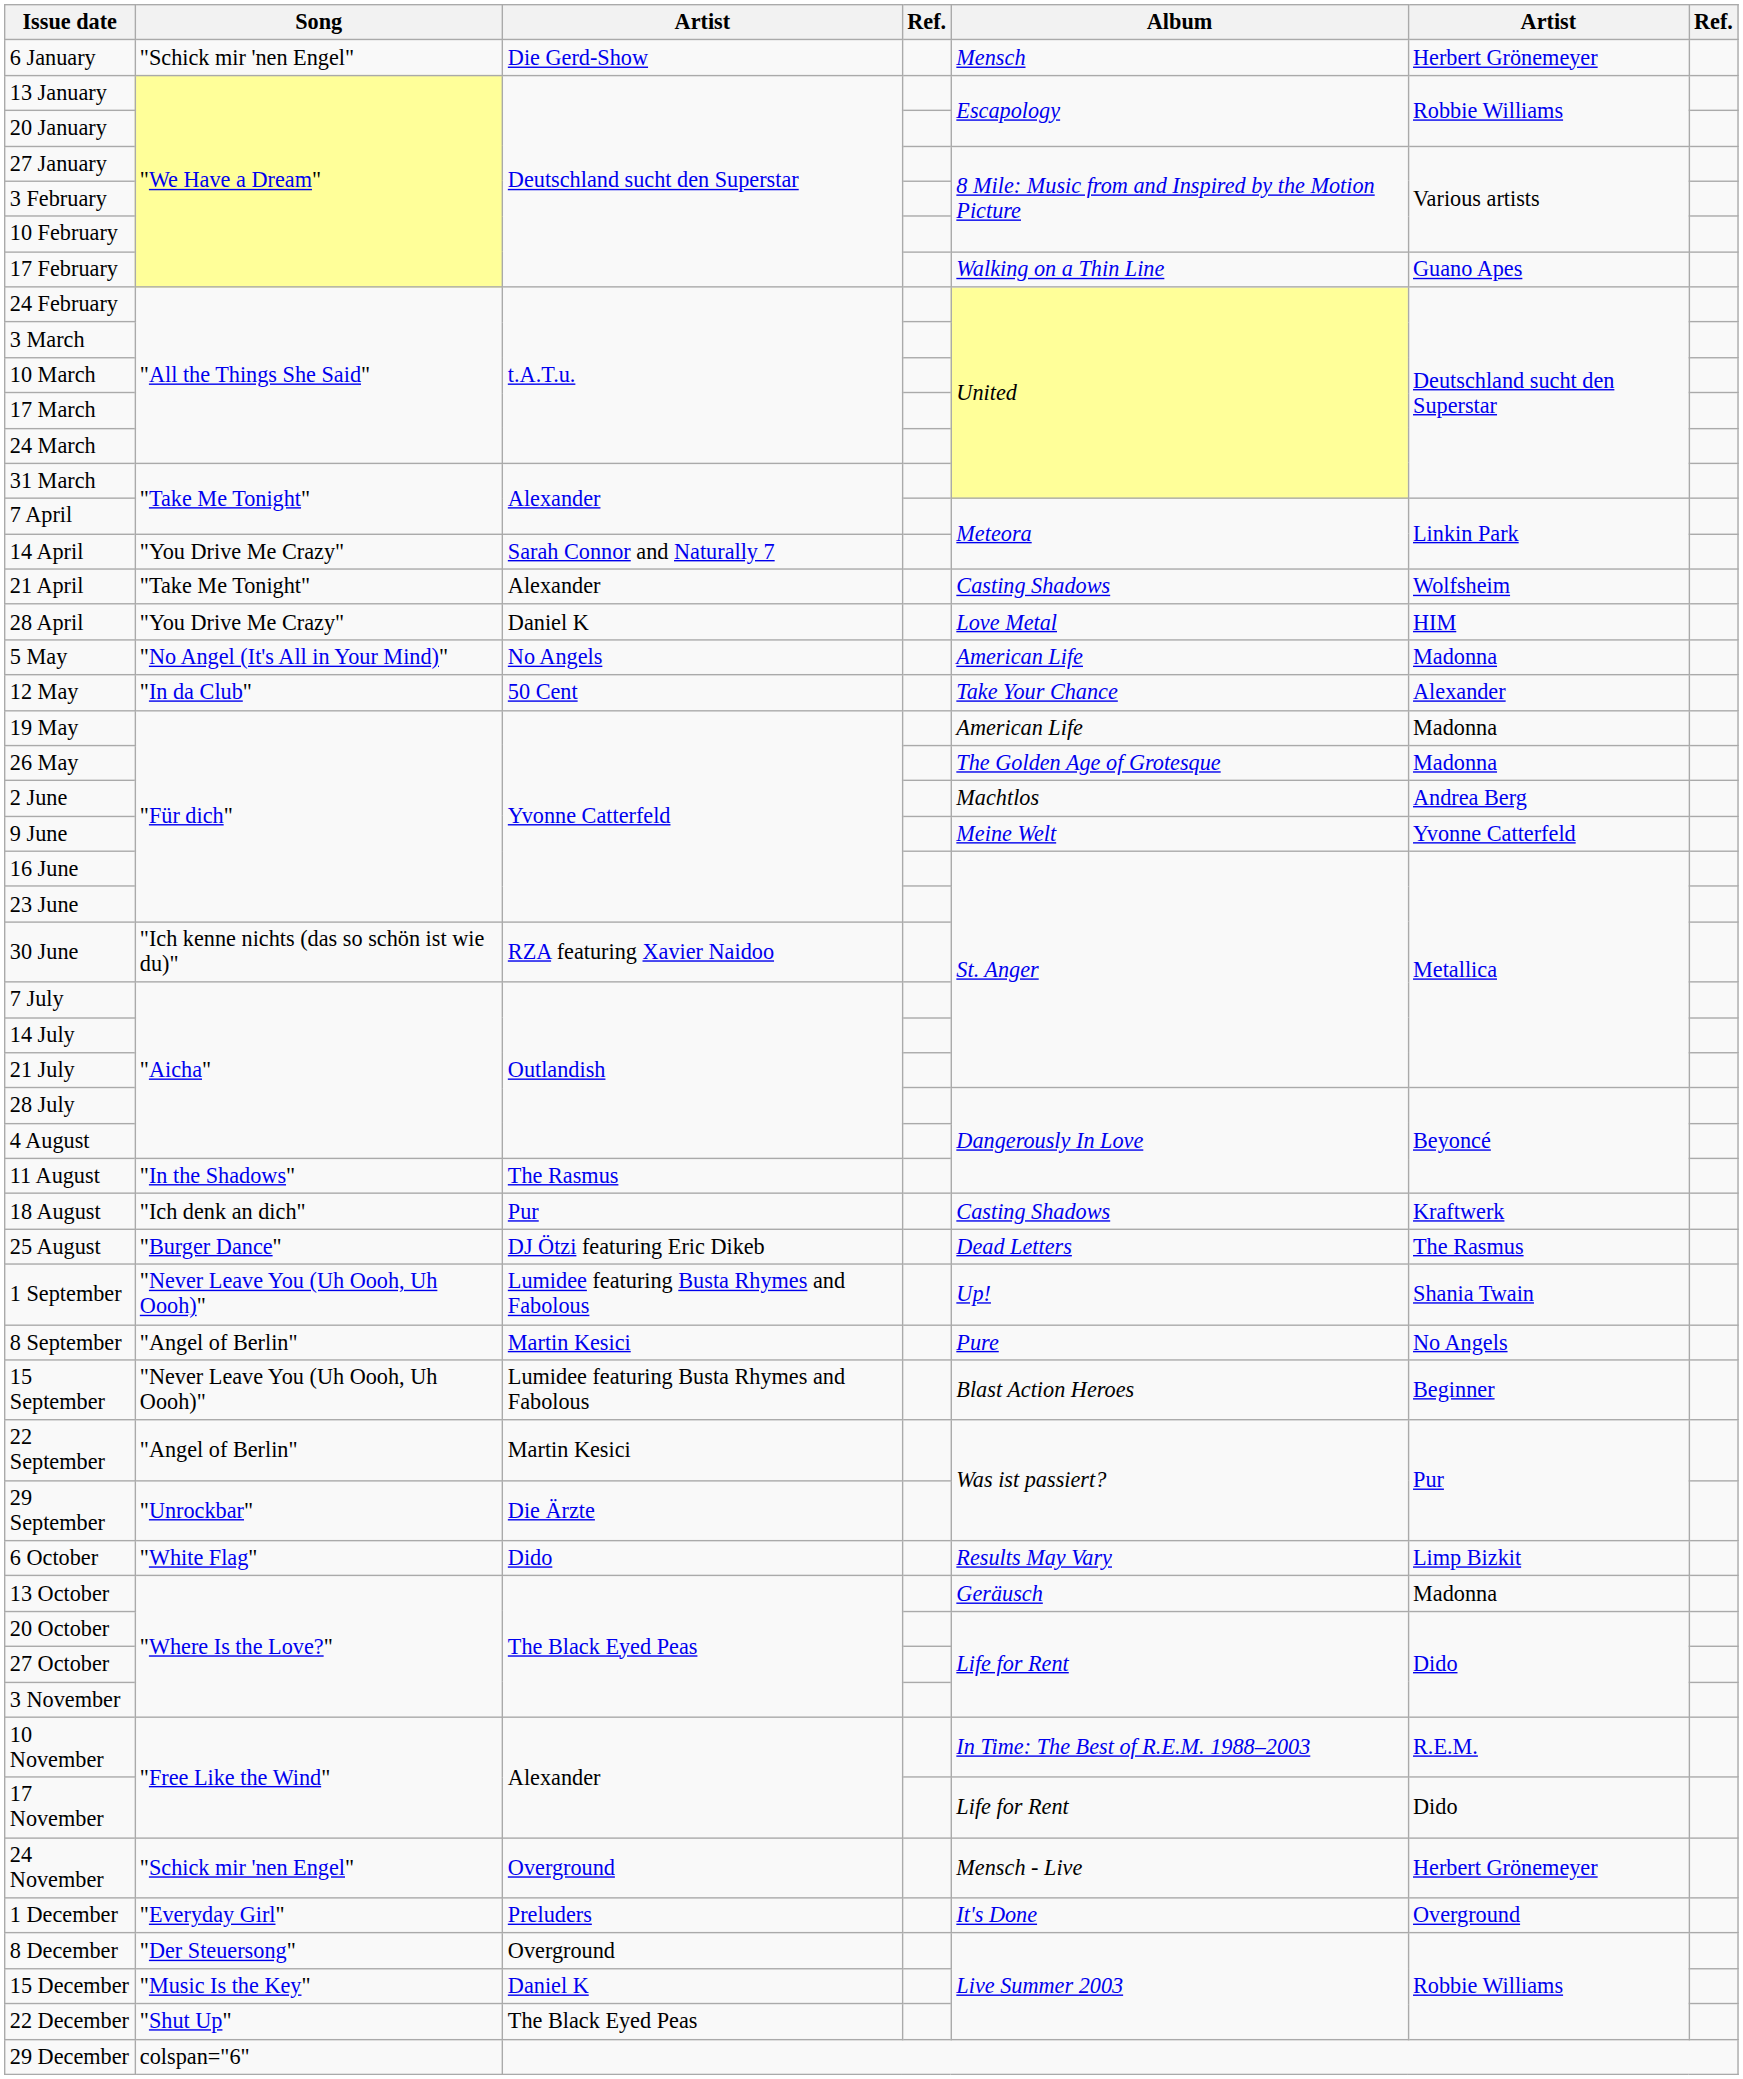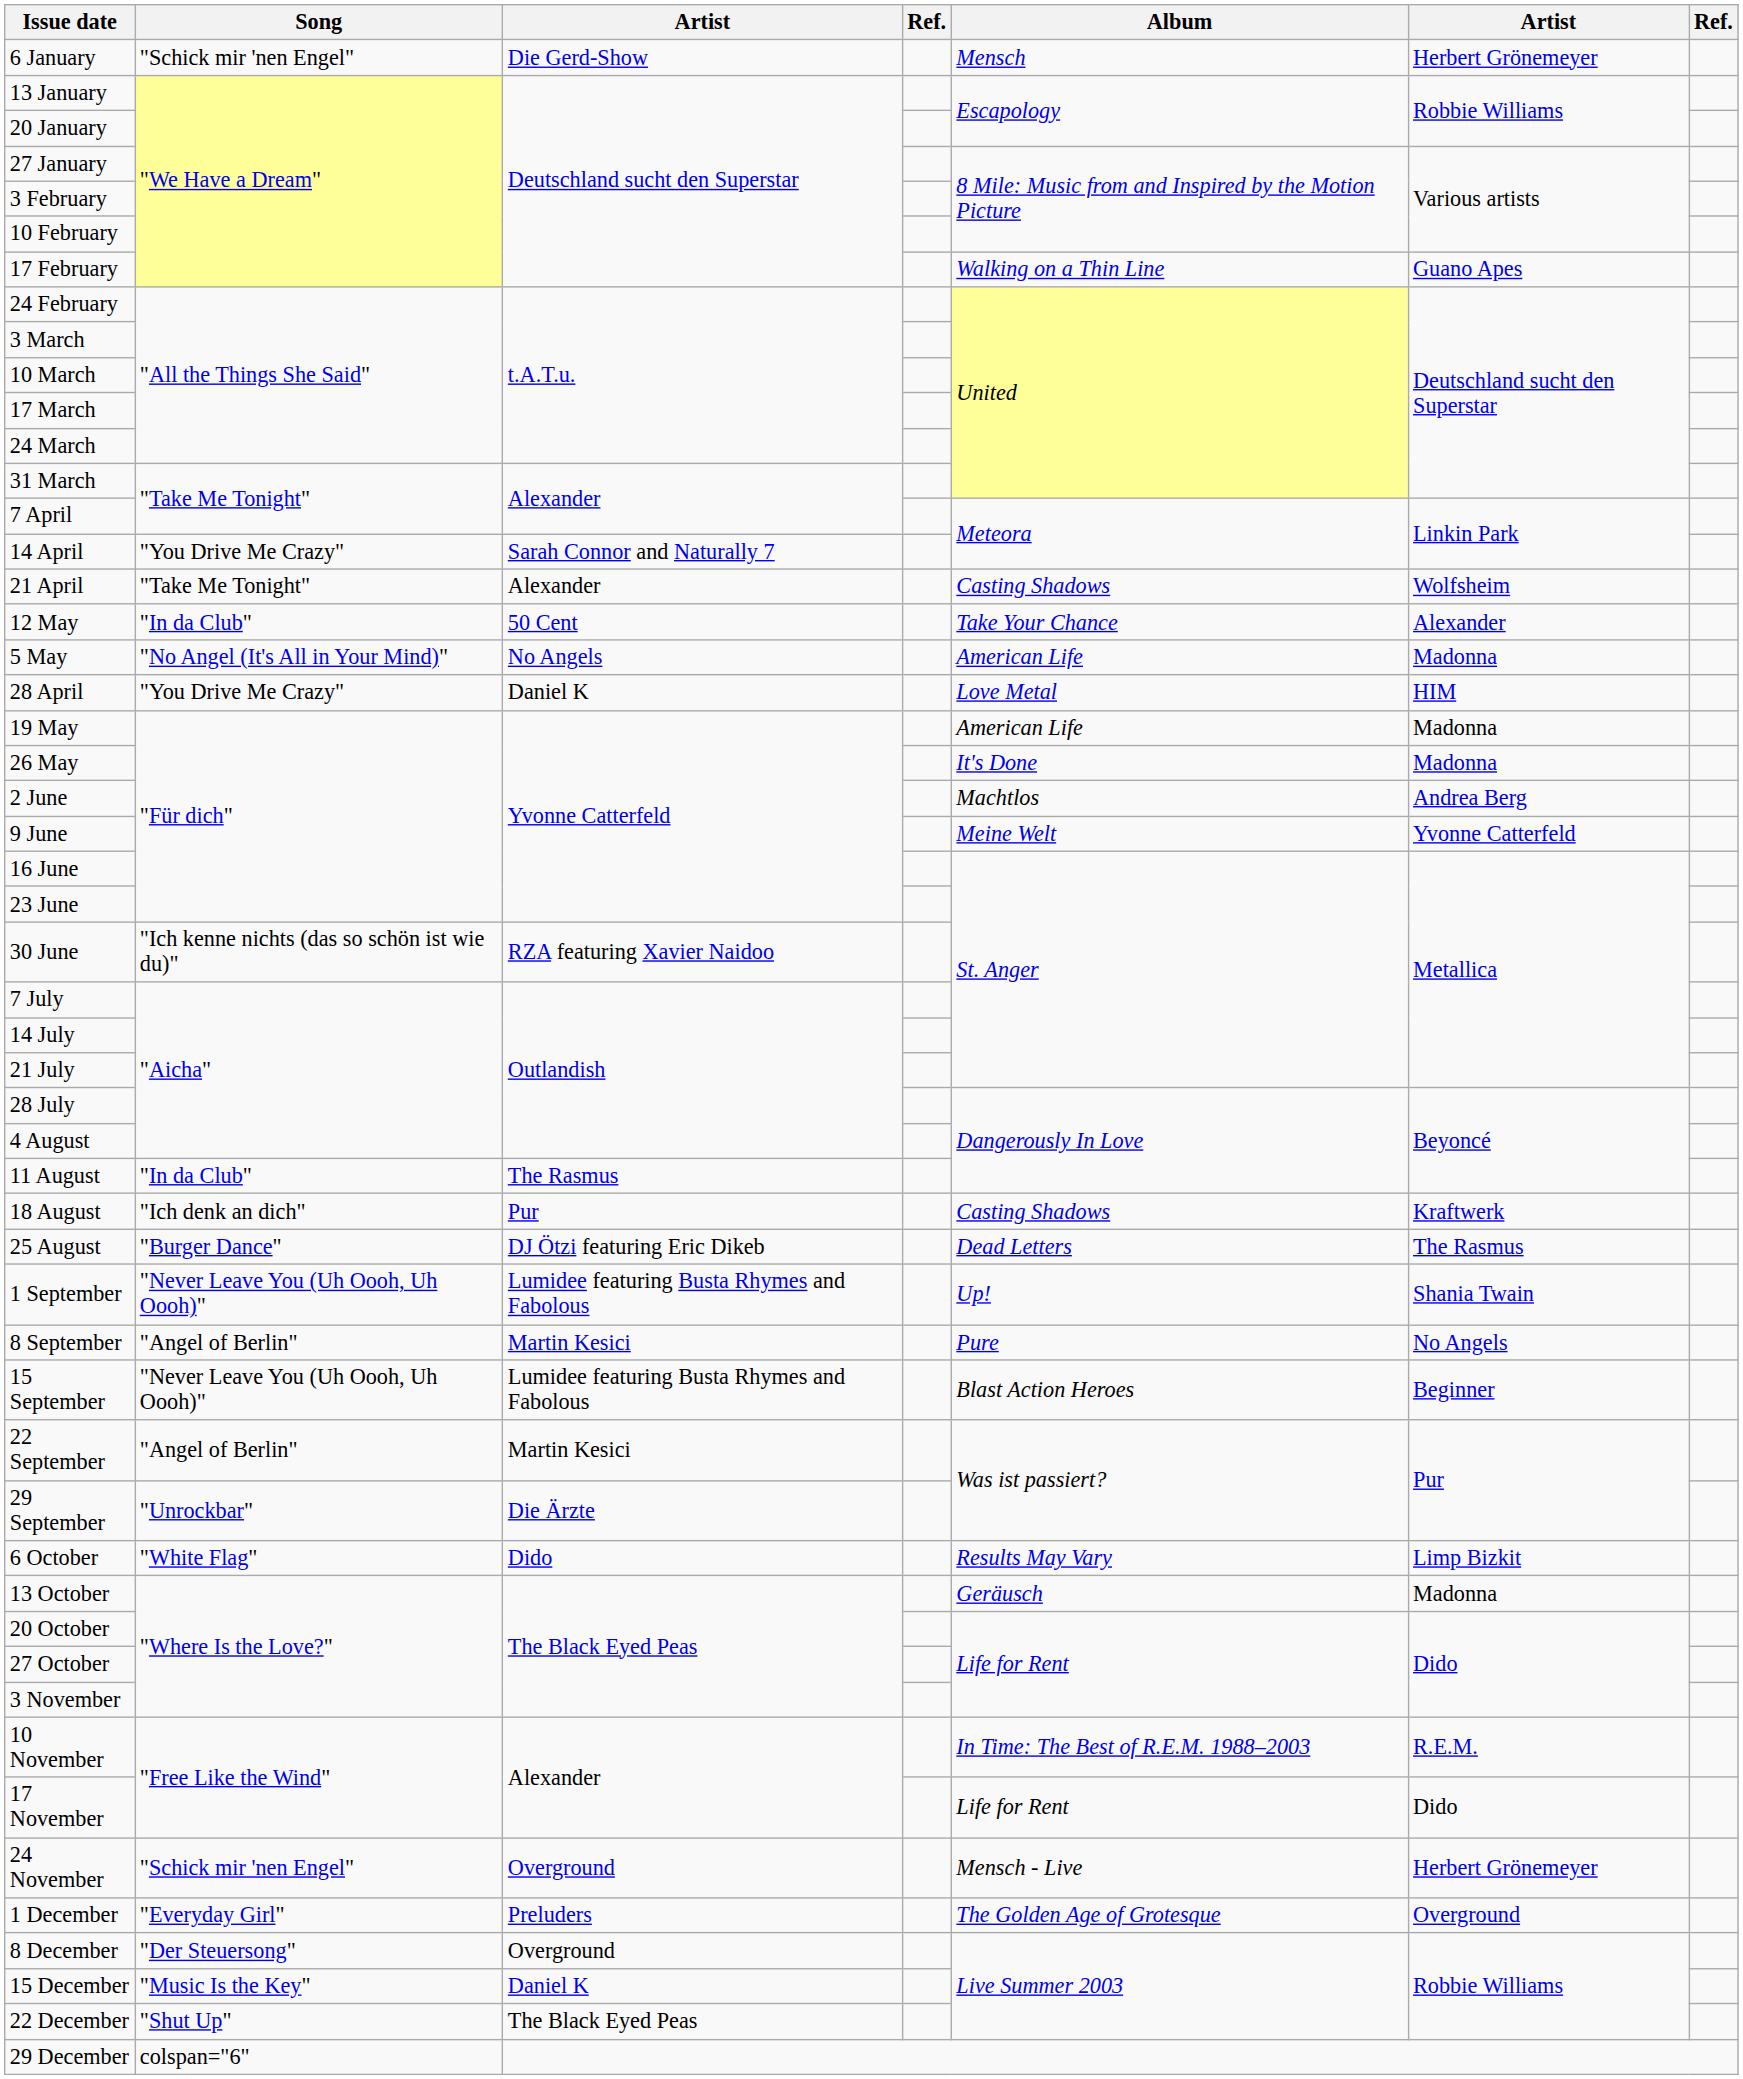 <table class="sortable wikitable">
 <tr>
 <th>Issue date</th>
 <th>Song</th>
 <th>Artist</th>
 <th>Ref.</th>
 <th>Album</th>
 <th>Artist</th>
 <th>Ref.</th>
 </tr>
 <tr>
 <td>6 January</td>
 <td>"Schick mir 'nen Engel"</td>
 <td><a href='#'>Die Gerd-Show</a></td>
 <td align="center"></td>
 <td><em><a href='#'>Mensch</a></em></td>
 <td><a href='#'>Herbert Grönemeyer</a></td>
 <td align="center"></td>
 </tr>
 <tr>
 <td>13 January</td>
 <td bgcolor=#FFFF99 rowspan="6">"<a href='#'>We Have a Dream</a>" </td>
 <td rowspan="6"><a href='#'>Deutschland sucht den Superstar</a></td>
 <td align="center"></td>
 <td rowspan="2"><em><a href='#'>Escapology</a></em></td>
 <td rowspan="2"><a href='#'>Robbie Williams</a></td>
 <td align="center"></td>
 </tr>
 <tr>
 <td>20 January</td>
 <td align="center"></td>
 <td align="center"></td>
 </tr>
 <tr>
 <td>27 January</td>
 <td align="center"></td>
 <td rowspan="3"><em><a href='#'>8 Mile: Music from and Inspired by the Motion Picture</a></em></td>
 <td rowspan="3">Various artists</td>
 <td align="center"></td>
 </tr>
 <tr>
 <td>3 February</td>
 <td align="center"></td>
 <td align="center"></td>
 </tr>
 <tr>
 <td>10 February</td>
 <td align="center"></td>
 <td align="center"></td>
 </tr>
 <tr>
 <td>17 February</td>
 <td align="center"></td>
 <td><em><a href='#'>Walking on a Thin Line</a></em></td>
 <td><a href='#'>Guano Apes</a></td>
 <td align="center"></td>
 </tr>
 <tr>
 <td>24 February</td>
 <td rowspan="5">"<a href='#'>All the Things She Said</a>"</td>
 <td rowspan="5"><a href='#'>t.A.T.u.</a></td>
 <td align="center"></td>
 <td bgcolor=#FFFF99 rowspan="6"><em>United</em></td>
 <td rowspan="6"><a href='#'>Deutschland sucht den Superstar</a></td>
 <td align="center"></td>
 </tr>
 <tr>
 <td>3 March</td>
 <td align="center"></td>
 <td align="center"></td>
 </tr>
 <tr>
 <td>10 March</td>
 <td align="center"></td>
 <td align="center"></td>
 </tr>
 <tr>
 <td>17 March</td>
 <td align="center"></td>
 <td align="center"></td>
 </tr>
 <tr>
 <td>24 March</td>
 <td align="center"></td>
 <td align="center"></td>
 </tr>
 <tr>
 <td>31 March</td>
 <td rowspan="2">"<a href='#'>Take Me Tonight</a>"</td>
 <td rowspan="2"><a href='#'>Alexander</a></td>
 <td align="center"></td>
 <td align="center"></td>
 </tr>
 <tr>
 <td>7 April</td>
 <td align="center"></td>
 <td rowspan="2"><em><a href='#'>Meteora</a></em></td>
 <td rowspan="2"><a href='#'>Linkin Park</a></td>
 <td align="center"></td>
 </tr>
 <tr>
 <td>14 April</td>
 <td>"You Drive Me Crazy"</td>
 <td><a href='#'>Sarah Connor</a> and <a href='#'>Naturally 7</a></td>
 <td align="center"></td>
 <td align="center"></td>
 </tr>
 <tr>
 <td>21 April</td>
 <td>"Take Me Tonight"</td>
 <td>Alexander</td>
 <td align="center"></td>
 <td><em><a href='#'>Casting Shadows</a></em></td>
 <td><a href='#'>Wolfsheim</a></td>
 <td align="center"></td>
 </tr>
 <tr>
-<td>28 April</td>
-<td>"You Drive Me Crazy"</td>
-<td>Daniel K</td>
+<td>12 May</td>
+<td>"<a href='#'>In da Club</a>"</td>
+<td><a href='#'>50 Cent</a></td>
 <td align="center"></td>
-<td><em><a href='#'>Love Metal</a></em></td>
-<td><a href='#'>HIM</a></td>
+<td><em><a href='#'>Take Your Chance</a></em></td>
+<td><a href='#'>Alexander</a></td>
 <td align="center"></td>
 </tr>
 <tr>
 <td>5 May</td>
 <td>"<a href='#'>No Angel (It's All in Your Mind)</a>"</td>
 <td><a href='#'>No Angels</a></td>
 <td align="center"></td>
 <td><em><a href='#'>American Life</a></em></td>
 <td><a href='#'>Madonna</a></td>
 <td align="center"></td>
 </tr>
 <tr>
-<td>12 May</td>
-<td>"<a href='#'>In da Club</a>"</td>
-<td><a href='#'>50 Cent</a></td>
+<td>28 April</td>
+<td>"You Drive Me Crazy"</td>
+<td>Daniel K</td>
 <td align="center"></td>
-<td><em><a href='#'>Take Your Chance</a></em></td>
-<td><a href='#'>Alexander</a></td>
+<td><em><a href='#'>Love Metal</a></em></td>
+<td><a href='#'>HIM</a></td>
 <td align="center"></td>
 </tr>
 <tr>
 <td>19 May</td>
 <td rowspan="6">"<a href='#'>Für dich</a>"</td>
 <td rowspan="6"><a href='#'>Yvonne Catterfeld</a></td>
 <td align="center"></td>
 <td><em>American Life</em></td>
 <td>Madonna</td>
 <td align="center"></td>
 </tr>
 <tr>
 <td>26 May</td>
 <td align="center"></td>
-<td><em><a href='#'>The Golden Age of Grotesque</a></em></td>
+<td><em><a href='#'>It's Done</a></em></td>
 <td><a href='#'>Madonna</a></td>
 <td align="center"></td>
 </tr>
 <tr>
 <td>2 June</td>
 <td align="center"></td>
 <td><em>Machtlos</em></td>
 <td><a href='#'>Andrea Berg</a></td>
 <td align="center"></td>
 </tr>
 <tr>
 <td>9 June</td>
 <td align="center"></td>
 <td><em><a href='#'>Meine Welt</a></em></td>
 <td><a href='#'>Yvonne Catterfeld</a></td>
 <td align="center"></td>
 </tr>
 <tr>
 <td>16 June</td>
 <td align="center"></td>
 <td rowspan="6"><em><a href='#'>St. Anger</a></em></td>
 <td rowspan="6"><a href='#'>Metallica</a></td>
 <td align="center"></td>
 </tr>
 <tr>
 <td>23 June</td>
 <td align="center"></td>
 <td align="center"></td>
 </tr>
 <tr>
 <td>30 June</td>
 <td>"Ich kenne nichts (das so schön ist wie du)"</td>
 <td><a href='#'>RZA</a> featuring <a href='#'>Xavier Naidoo</a></td>
 <td align="center"></td>
 <td align="center"></td>
 </tr>
 <tr>
 <td>7 July</td>
 <td rowspan="5">"<a href='#'>Aicha</a>"</td>
 <td rowspan="5"><a href='#'>Outlandish</a></td>
 <td align="center"></td>
 <td align="center"></td>
 </tr>
 <tr>
 <td>14 July</td>
 <td align="center"></td>
 <td align="center"></td>
 </tr>
 <tr>
 <td>21 July</td>
 <td align="center"></td>
 <td align="center"></td>
 </tr>
 <tr>
 <td>28 July</td>
 <td align="center"></td>
 <td rowspan="3"><em><a href='#'>Dangerously In Love</a></em></td>
 <td rowspan="3"><a href='#'>Beyoncé</a></td>
 <td align="center"></td>
 </tr>
 <tr>
 <td>4 August</td>
 <td align="center"></td>
 <td align="center"></td>
 </tr>
 <tr>
 <td>11 August</td>
-<td>"<a href='#'>In the Shadows</a>"</td>
+<td>"<a href='#'>In da Club</a>"</td>
 <td><a href='#'>The Rasmus</a></td>
 <td align="center"></td>
 <td align="center"></td>
 </tr>
 <tr>
 <td>18 August</td>
 <td>"Ich denk an dich"</td>
 <td><a href='#'>Pur</a></td>
 <td align="center"></td>
 <td><em><a href='#'>Casting Shadows</a></em></td>
 <td><a href='#'>Kraftwerk</a></td>
 <td align="center"></td>
 </tr>
 <tr>
 <td>25 August</td>
 <td>"<a href='#'>Burger Dance</a>"</td>
 <td><a href='#'>DJ Ötzi</a> featuring Eric Dikeb</td>
 <td align="center"></td>
 <td><em><a href='#'>Dead Letters</a></em></td>
 <td><a href='#'>The Rasmus</a></td>
 <td align="center"></td>
 </tr>
 <tr>
 <td>1 September</td>
 <td>"<a href='#'>Never Leave You (Uh Oooh, Uh Oooh)</a>"</td>
 <td><a href='#'>Lumidee</a> featuring <a href='#'>Busta Rhymes</a> and <a href='#'>Fabolous</a></td>
 <td align="center"></td>
 <td><em><a href='#'>Up!</a></em></td>
 <td><a href='#'>Shania Twain</a></td>
 <td align="center"></td>
 </tr>
 <tr>
 <td>8 September</td>
 <td>"Angel of Berlin"</td>
 <td><a href='#'>Martin Kesici</a></td>
 <td align="center"></td>
 <td><em><a href='#'>Pure</a></em></td>
 <td><a href='#'>No Angels</a></td>
 <td align="center"></td>
 </tr>
 <tr>
 <td>15 September</td>
 <td>"Never Leave You (Uh Oooh, Uh Oooh)"</td>
 <td>Lumidee featuring Busta Rhymes and Fabolous</td>
 <td align="center"></td>
 <td><em>Blast Action Heroes</em></td>
 <td><a href='#'>Beginner</a></td>
 <td align="center"></td>
 </tr>
 <tr>
 <td>22 September</td>
 <td>"Angel of Berlin"</td>
 <td>Martin Kesici</td>
 <td align="center"></td>
 <td rowspan="2"><em>Was ist passiert?</em></td>
 <td rowspan="2"><a href='#'>Pur</a></td>
 <td align="center"></td>
 </tr>
 <tr>
 <td>29 September</td>
 <td>"<a href='#'>Unrockbar</a>"</td>
 <td><a href='#'>Die Ärzte</a></td>
 <td align="center"></td>
 <td align="center"></td>
 </tr>
 <tr>
 <td>6 October</td>
 <td>"<a href='#'>White Flag</a>"</td>
 <td><a href='#'>Dido</a></td>
 <td align="center"></td>
 <td><em><a href='#'>Results May Vary</a></em></td>
 <td><a href='#'>Limp Bizkit</a></td>
 <td align="center"></td>
 </tr>
 <tr>
 <td>13 October</td>
 <td rowspan="4">"<a href='#'>Where Is the Love?</a>"</td>
 <td rowspan="4"><a href='#'>The Black Eyed Peas</a></td>
 <td align="center"></td>
 <td><em><a href='#'>Geräusch</a></em></td>
 <td>Madonna</td>
 <td align="center"></td>
 </tr>
 <tr>
 <td>20 October</td>
 <td align="center"></td>
 <td rowspan="3"><em><a href='#'>Life for Rent</a></em></td>
 <td rowspan="3"><a href='#'>Dido</a></td>
 <td align="center"></td>
 </tr>
 <tr>
 <td>27 October</td>
 <td align="center"></td>
 <td align="center"></td>
 </tr>
 <tr>
 <td>3 November</td>
 <td align="center"></td>
 <td align="center"></td>
 </tr>
 <tr>
 <td>10 November</td>
 <td rowspan="2">"<a href='#'>Free Like the Wind</a>"</td>
 <td rowspan="2">Alexander</td>
 <td align="center"></td>
 <td><em><a href='#'>In Time: The Best of R.E.M. 1988–2003</a></em></td>
 <td><a href='#'>R.E.M.</a></td>
 <td align="center"></td>
 </tr>
 <tr>
 <td>17 November</td>
 <td align="center"></td>
 <td><em>Life for Rent</em></td>
 <td>Dido</td>
 <td align="center"></td>
 </tr>
 <tr>
 <td>24 November</td>
 <td>"<a href='#'>Schick mir 'nen Engel</a>"</td>
 <td><a href='#'>Overground</a></td>
 <td align="center"></td>
 <td><em>Mensch - Live</em></td>
 <td><a href='#'>Herbert Grönemeyer</a></td>
 <td align="center"></td>
 </tr>
 <tr>
 <td>1 December</td>
 <td>"<a href='#'>Everyday Girl</a>"</td>
 <td><a href='#'>Preluders</a></td>
 <td align="center"></td>
-<td><em><a href='#'>It's Done</a></em></td>
+<td><em><a href='#'>The Golden Age of Grotesque</a></em></td>
 <td><a href='#'>Overground</a></td>
 <td align="center"></td>
 </tr>
 <tr>
 <td>8 December</td>
 <td>"<a href='#'>Der Steuersong</a>"</td>
 <td>Overground</td>
 <td align="center"></td>
 <td rowspan="3"><em><a href='#'>Live Summer 2003</a></em></td>
 <td rowspan="3"><a href='#'>Robbie Williams</a></td>
 <td align="center"></td>
 </tr>
 <tr>
 <td>15 December</td>
 <td>"<a href='#'>Music Is the Key</a>"</td>
 <td><a href='#'>Daniel K</a></td>
 <td align="center"></td>
 <td align="center"></td>
 </tr>
 <tr>
 <td>22 December</td>
 <td>"<a href='#'>Shut Up</a>"</td>
 <td>The Black Eyed Peas</td>
 <td align="center"></td>
 <td align="center"></td>
 </tr>
 <tr>
 <td>29 December</td>
 <td>colspan="6" </td>
 </tr>
 </table>
